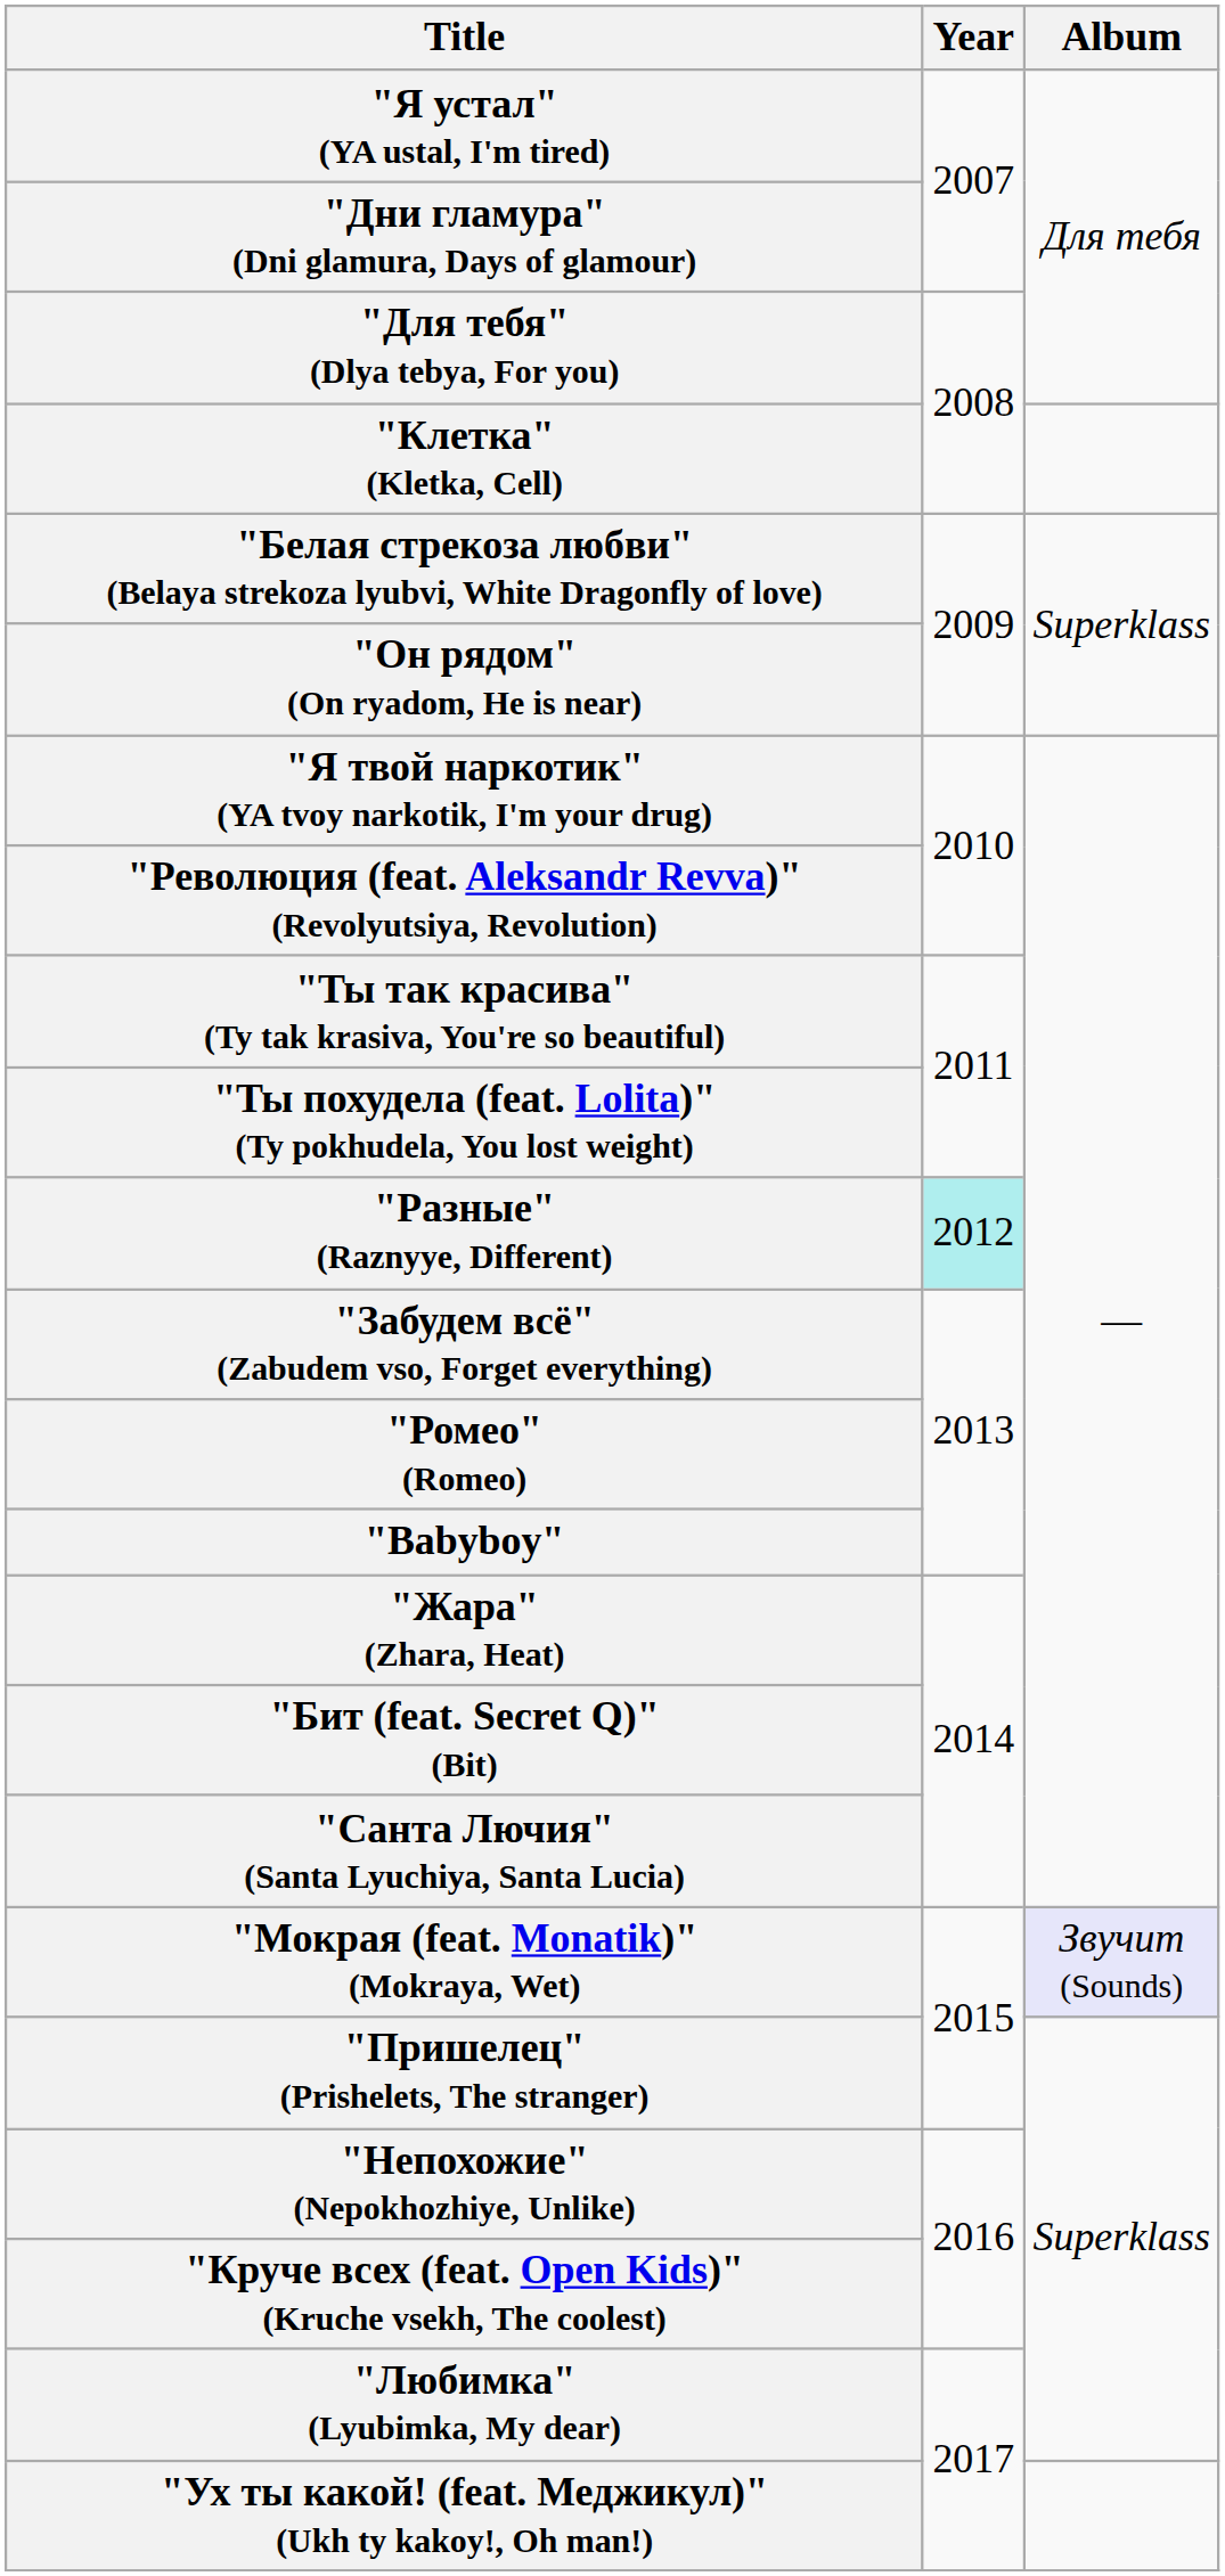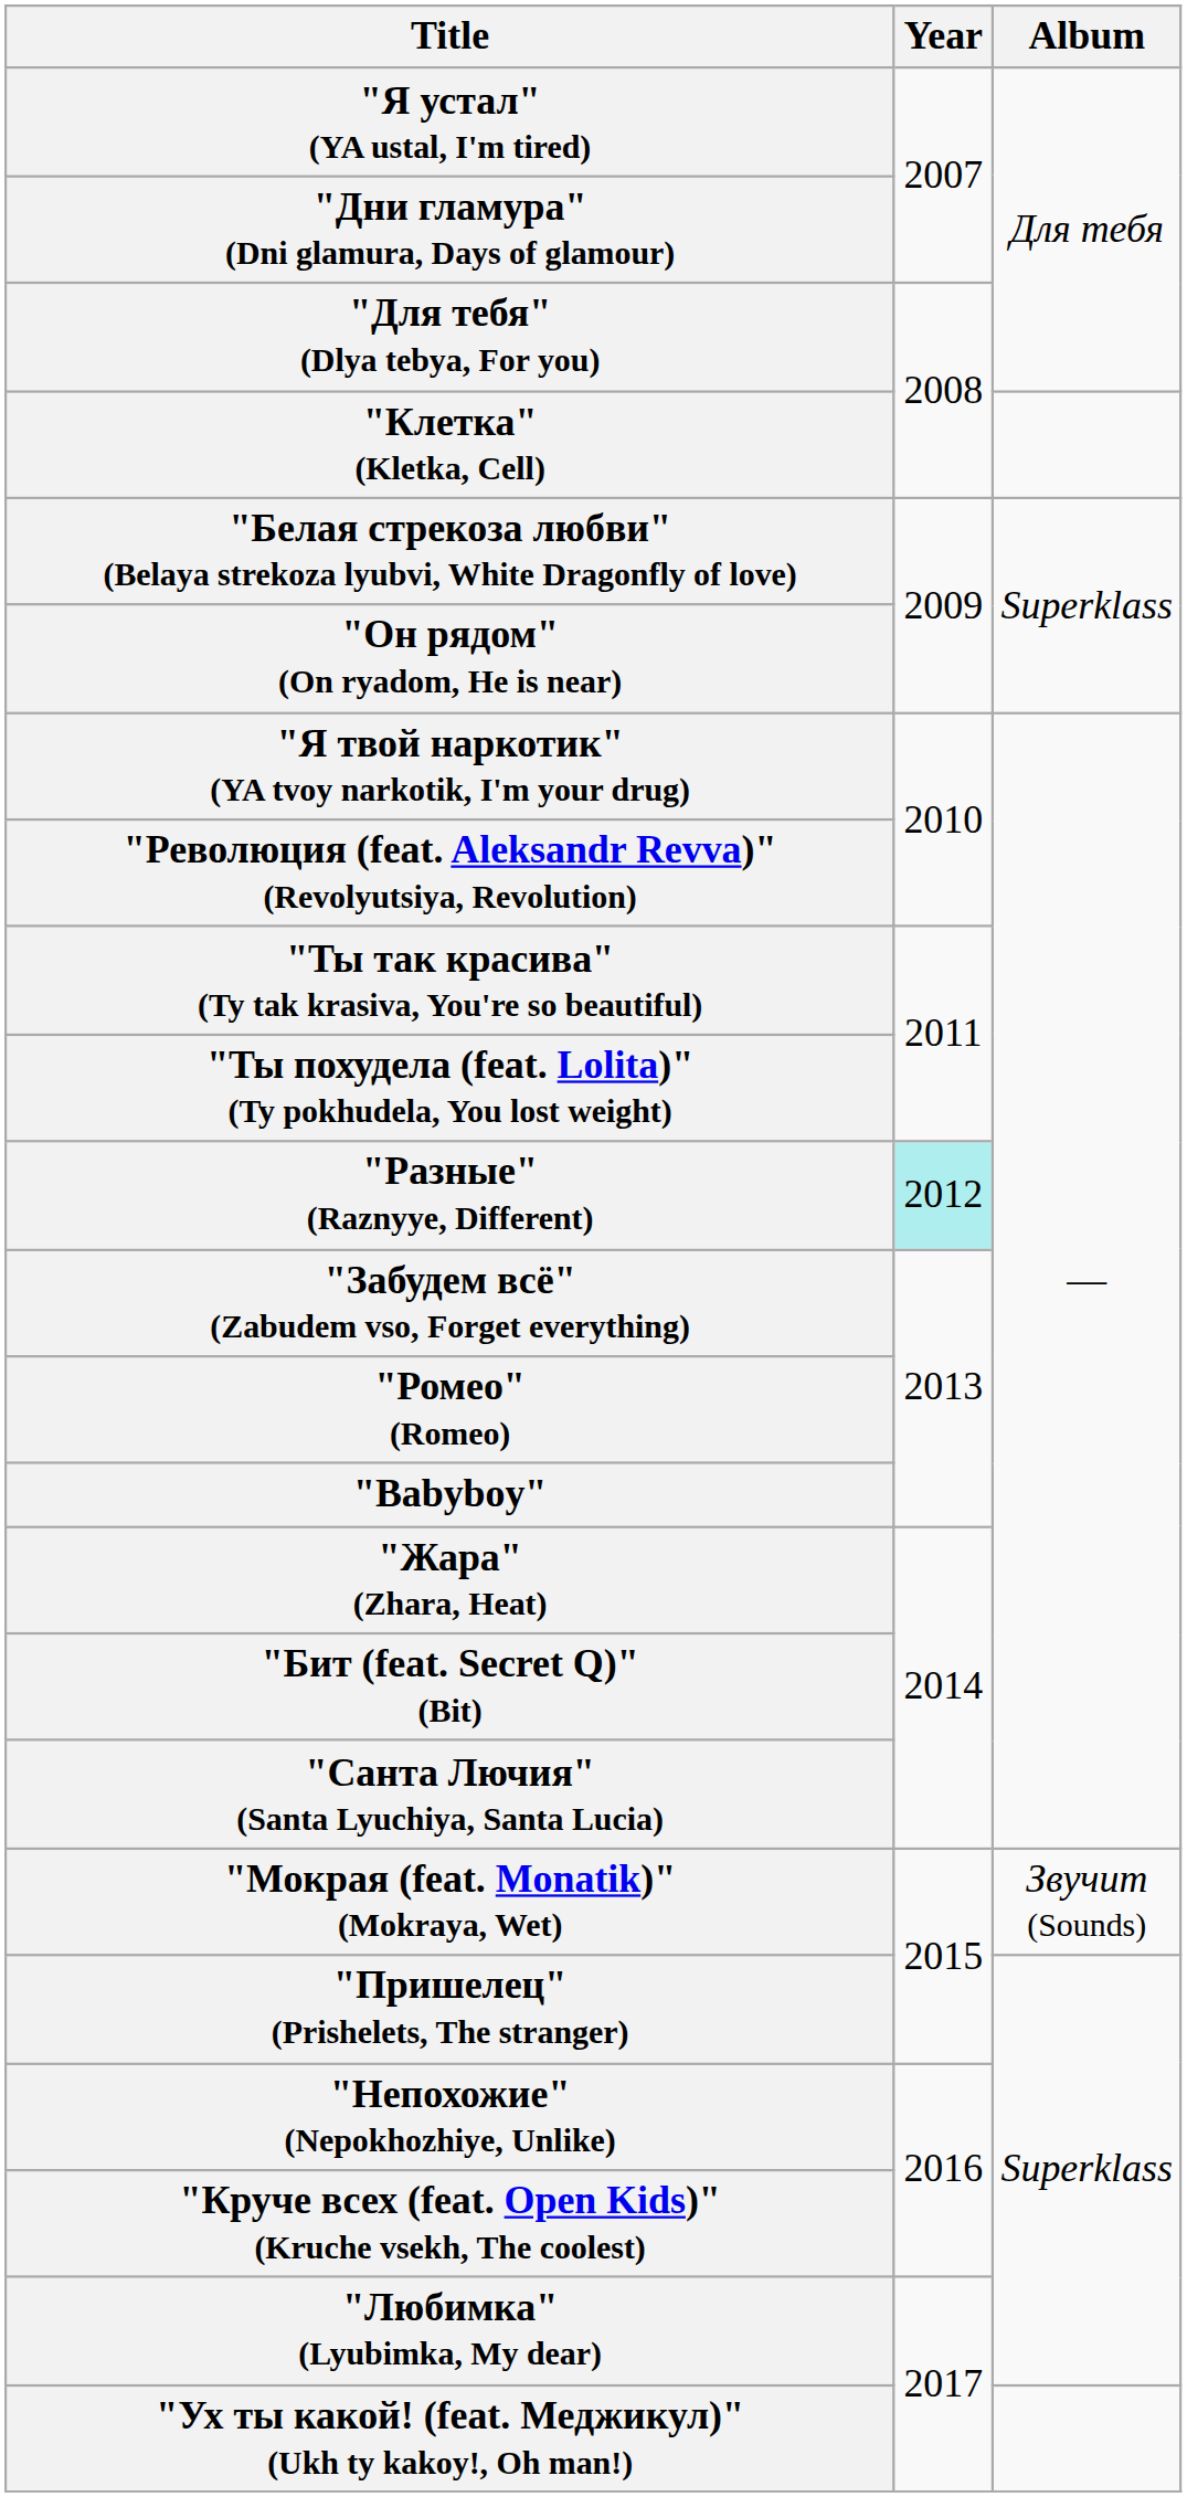 <table class="wikitable plainrowheaders" style="text-align:center;">
 <tr>
 <th scope="col" style="width:22em;">Title</th>
 <th scope="col" style="width:1em;">Year</th>
 <th scope="col">Album</th>
 </tr>
 <tr>
 <th scope="row">"Я устал" <br> <small>(YA ustal, I'm tired)</small></th>
 <td rowspan="2">2007</td>
 <td rowspan="3"><em>Для тебя</em></td>
 </tr>
 <tr>
 <th scope="row">"Дни гламура" <br> <small>(Dni glamura, Days of glamour)</small></th>
 </tr>
 <tr>
 <th scope="row">"Для тебя" <br> <small>(Dlya tebya, For you)</small></th>
 <td rowspan="2">2008</td>
 </tr>
 <tr>
 <th scope="row">"Клетка" <br> <small>(Kletka, Cell)</small></th>
 <td></td>
 </tr>
 <tr>
 <th scope="row">"Белая стрекоза любви" <br> <small>(Belaya strekoza lyubvi, White Dragonfly of love)</small></th>
 <td rowspan="2">2009</td>
 <td rowspan="2"><em>Superklass</em></td>
 </tr>
 <tr>
 <th scope="row">"Он рядом" <br> <small>(On ryadom, He is near)</small></th>
 </tr>
 <tr>
 <th scope="row">"Я твой наркотик" <br> <small>(YA tvoy narkotik, I'm your drug)</small></th>
 <td rowspan="2">2010</td>
 <td rowspan="11">—</td>
 </tr>
 <tr>
 <th scope="row">"Революция (feat. <a href='#'>Aleksandr Revva</a>)" <br> <small>(Revolyutsiya, Revolution)</small></th>
 </tr>
 <tr>
 <th scope="row">"Ты так красива" <br> <small>(Ty tak krasiva, You're so beautiful)</small></th>
 <td rowspan="2">2011</td>
 </tr>
 <tr>
 <th scope="row">"Ты похудела (feat. <a href='#'>Lolita</a>)" <br> <small>(Ty pokhudela, You lost weight)</small></th>
 </tr>
 <tr>
 <th scope="row">"Разные" <br> <small>(Raznyye, Different)</small></th>
 <td style="background: paleturquoise;">2012</td>
 </tr>
 <tr>
 <th scope="row">"Забудем всё" <br> <small>(Zabudem vso, Forget everything)</small></th>
 <td rowspan="3">2013</td>
 </tr>
 <tr>
 <th scope="row">"Ромео" <br> <small>(Romeo)</small></th>
 </tr>
 <tr>
 <th scope="row">"Babyboy"</th>
 </tr>
 <tr>
 <th scope="row">"Жара" <br> <small>(Zhara, Heat)</small></th>
 <td rowspan="3">2014</td>
 </tr>
 <tr>
 <th scope="row">"Бит (feat. Secret Q)" <br> <small>(Bit)</small></th>
 </tr>
 <tr>
 <th scope="row">"Санта Лючия" <br> <small>(Santa Lyuchiya, Santa Lucia)</small></th>
 </tr>
 <tr>
 <th scope="row">"Мокрая (feat. <a href='#'>Monatik</a>)" <br> <small>(Mokraya, Wet)</small></th>
 <td rowspan="2">2015</td>
-<td rowspan="1" style="background: lavender;"><em>Звучит</em> <br> <small>(Sounds)</small></td>
+<td rowspan="1"><em>Звучит</em> <br> <small>(Sounds)</small></td>
 </tr>
 <tr>
 <th scope="row">"Пришелец" <br> <small>(Prishelets, The stranger)</small></th>
 <td rowspan="4"><em>Superklass</em></td>
 </tr>
 <tr>
 <th scope="row">"Непохожие" <br> <small>(Nepokhozhiye, Unlike)</small></th>
 <td rowspan="2">2016</td>
 </tr>
 <tr>
 <th scope="row">"Круче всех (feat. <a href='#'>Open Kids</a>)" <br> <small>(Kruche vsekh, The coolest)</small></th>
 </tr>
 <tr>
 <th scope="row">"Любимка" <br> <small>(Lyubimka, My dear)</small></th>
 <td rowspan="2">2017</td>
 </tr>
 <tr>
 <th scope="row">"Ух ты какой! (feat. Меджикул)" <br> <small>(Ukh ty kakoy!, Oh man!)</small></th>
 <td></td>
 </tr>
 <tr>
 </tr>
 </table>
